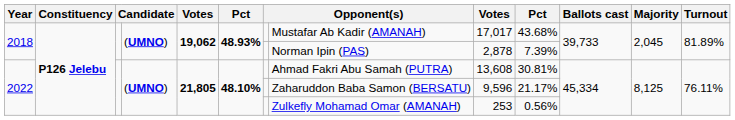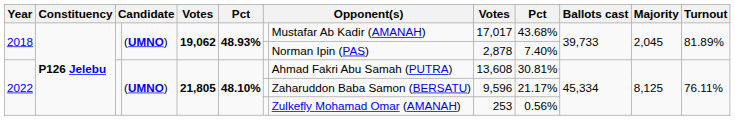 <table class="wikitable" style="margin:0.5em; font-size:95%;">
 <tr>
 <th>Year</th>
 <th>Constituency</th>
 <th colspan="2">Candidate</th>
 <th>Votes</th>
 <th>Pct</th>
 <th colspan="2">Opponent(s)</th>
 <th>Votes</th>
 <th>Pct</th>
 <th>Ballots cast</th>
 <th>Majority</th>
 <th>Turnout</th>
 </tr>
 <tr>
 <td rowspan=2><a href='#'>2018</a></td>
 <td rowspan=5><strong>P126 <a href='#'>Jelebu</a></strong></td>
 <td rowspan=2 ></td>
 <td rowspan=2> (<a href='#'><strong>UMNO</strong></a>)</td>
 <td rowspan=2 align="right"><strong>19,062</strong></td>
 <td rowspan=2><strong>48.93%</strong></td>
 <td></td>
 <td>Mustafar Ab Kadir (<a href='#'>AMANAH</a>)</td>
 <td align="right">17,017</td>
 <td>43.68%</td>
 <td rowspan="2">39,733</td>
 <td rowspan="2">2,045</td>
 <td rowspan="2">81.89%</td>
 </tr>
 <tr>
 <td></td>
 <td>Norman Ipin (<a href='#'>PAS</a>)</td>
 <td align="right">2,878</td>
-<td align=right>7.39%</td>
+<td align=right>7.40%</td>
 </tr>
 <tr>
 <td rowspan="3"><a href='#'>2022</a></td>
 <td rowspan="3" ></td>
 <td rowspan="3"><strong></strong> (<a href='#'><strong>UMNO</strong></a>)</td>
 <td rowspan="3" align="right"><strong>21,805</strong></td>
 <td rowspan="3"><strong>48.10%</strong></td>
 <td></td>
 <td>Ahmad Fakri Abu Samah (<a href='#'>PUTRA</a>)</td>
 <td align="right">13,608</td>
 <td>30.81%</td>
 <td rowspan="3">45,334</td>
 <td rowspan="3">8,125</td>
 <td rowspan="3">76.11%</td>
 </tr>
 <tr>
 <td bgcolor=></td>
 <td>Zaharuddon Baba Samon (<a href='#'>BERSATU</a>)</td>
 <td align=right>9,596</td>
 <td align="right">21.17%</td>
 </tr>
 <tr>
 <td bgcolor=></td>
 <td><a href='#'>Zulkefly Mohamad Omar</a> (<a href='#'>AMANAH</a>)</td>
 <td align=right>253</td>
 <td align="right">0.56%</td>
 </tr>
 </table>
